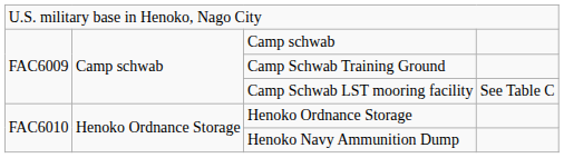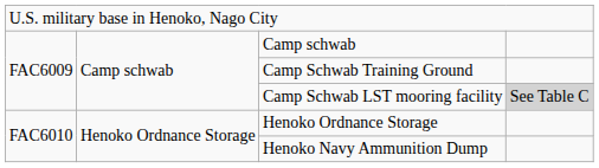 <table class="wikitable">
 <tr>
 <td colspan="4">U.S. military base in Henoko, Nago City</td>
 </tr>
 <tr>
 <td rowspan="3">FAC6009</td>
 <td rowspan="3">Camp schwab</td>
 <td>Camp schwab</td>
 <td></td>
 </tr>
 <tr>
 <td>Camp Schwab Training Ground</td>
 <td></td>
 </tr>
 <tr>
 <td>Camp Schwab LST mooring facility</td>
-<td>See Table C</td>
+<td style="background: lightgrey;">See Table C</td>
 </tr>
 <tr>
 <td rowspan="2">FAC6010</td>
 <td rowspan="2">Henoko Ordnance Storage</td>
 <td>Henoko Ordnance Storage</td>
 <td></td>
 </tr>
 <tr>
 <td>Henoko Navy Ammunition Dump</td>
 </tr>
 </table>
